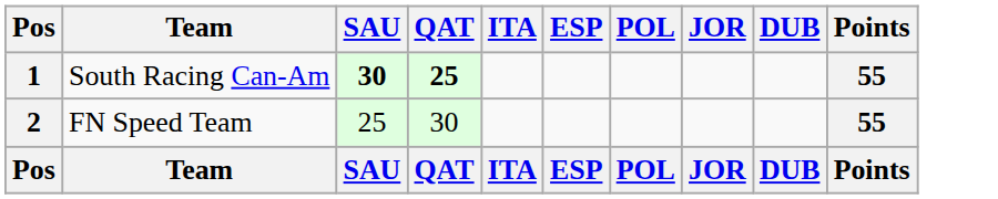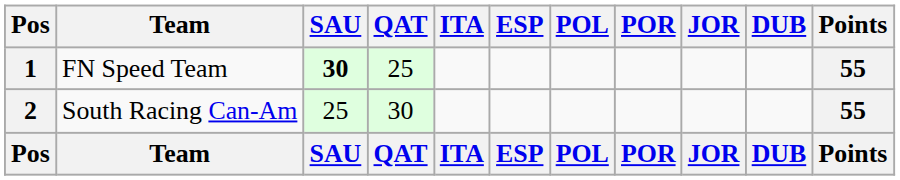 <table class="wikitable" style="font-size: 85%; text-align: center; display: inline-table;">
 <tr valign="top">
 <th valign="middle">Pos</th>
 <th valign="middle">Team</th>
 <th><a href='#'>SAU</a><br></th>
 <th><a href='#'>QAT</a><br></th>
 <th><a href='#'>ITA</a><br></th>
 <th><a href='#'>ESP</a><br></th>
 <th><a href='#'>POL</a><br></th>
+<th><a href='#'>POR</a><br></th>
 <th><a href='#'>JOR</a><br></th>
 <th><a href='#'>DUB</a><br></th>
 <th valign="middle">Points</th>
 </tr>
 <tr>
 <th>1</th>
-<td align=left>South Racing <a href='#'>Can-Am</a></td>
+<td align=left>FN Speed Team</td>
 <td style="background:#dfffdf;"><strong>30</strong></td>
-<td style="background:#dfffdf;"><strong>25</strong></td>
+<td style="background:#dfffdf;">25</td>
+<td></td>
 <td></td>
 <td></td>
 <td></td>
 <td></td>
 <td></td>
 <th>55</th>
 </tr>
 <tr>
 <th>2</th>
-<td align=left>FN Speed Team</td>
+<td align=left>South Racing <a href='#'>Can-Am</a></td>
 <td style="background:#dfffdf;">25</td>
 <td style="background:#dfffdf;">30</td>
+<td></td>
 <td></td>
 <td></td>
 <td></td>
 <td></td>
 <td></td>
 <th>55</th>
 </tr>
 <tr valign="top">
 <th valign="middle">Pos</th>
 <th valign="middle">Team</th>
 <th><a href='#'>SAU</a><br></th>
 <th><a href='#'>QAT</a><br></th>
 <th><a href='#'>ITA</a><br></th>
 <th><a href='#'>ESP</a><br></th>
 <th><a href='#'>POL</a><br></th>
+<th><a href='#'>POR</a><br></th>
 <th><a href='#'>JOR</a><br></th>
 <th><a href='#'>DUB</a><br></th>
 <th valign="middle">Points</th>
 </tr>
 </table>
